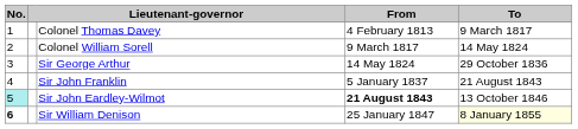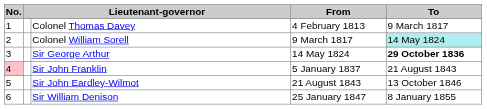 <table border="1" cellspacing="0" cellpadding="2" style="border-collapse:collapse;">
 <tr style="background:#ccc;">
 <th style="width:4%;">No.</th>
 <th colspan=2 style="width:56%;">Lieutenant-governor</th>
 <th style="width:20%;">From</th>
 <th style="width:20%;">To</th>
 </tr>
 <tr>
 <td>1</td>
 <td></td>
 <td>Colonel <a href='#'>Thomas Davey</a></td>
 <td>4 February 1813</td>
 <td>9 March 1817</td>
 </tr>
 <tr>
 <td>2</td>
 <td></td>
 <td>Colonel <a href='#'>William Sorell</a></td>
 <td>9 March 1817</td>
-<td>14 May 1824</td>
+<td style="background: paleturquoise;">14 May 1824</td>
 </tr>
 <tr>
 <td>3</td>
 <td></td>
 <td><a href='#'>Sir George Arthur</a></td>
 <td>14 May 1824</td>
-<td>29 October 1836</td>
+<td><strong>29 October 1836</strong></td>
 </tr>
 <tr>
-<td>4</td>
+<td style="background: pink;">4</td>
 <td></td>
 <td><a href='#'>Sir John Franklin</a> </td>
 <td>5 January 1837</td>
 <td>21 August 1843</td>
 </tr>
 <tr>
-<td style="background: paleturquoise;">5</td>
+<td>5</td>
 <td></td>
 <td><a href='#'>Sir John Eardley-Wilmot</a></td>
-<td><strong>21 August 1843</strong></td>
+<td>21 August 1843</td>
 <td>13 October 1846</td>
 </tr>
 <tr>
-<td><strong>6</strong></td>
+<td>6</td>
 <td></td>
 <td><a href='#'>Sir William Denison</a></td>
 <td>25 January 1847</td>
-<td style="background: lightyellow;">8 January 1855</td>
+<td>8 January 1855</td>
 </tr>
 </table>
